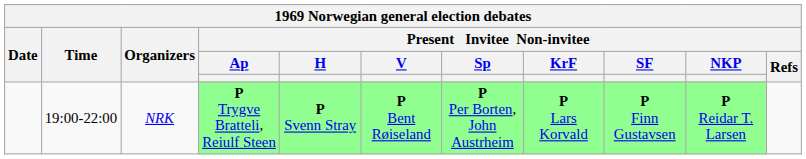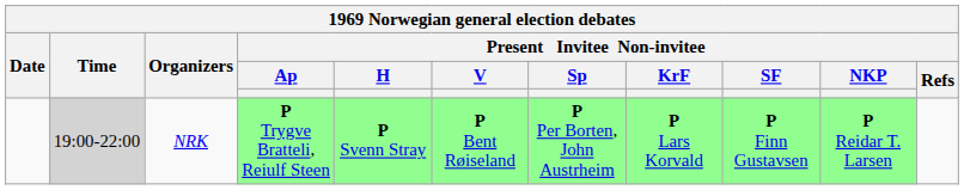 <table class="wikitable" style="font-size:85%; line-height:15px; text-align:center;">
 <tr>
 <th colspan="11">1969 Norwegian general election debates</th>
 </tr>
 <tr>
 <th rowspan="3">Date</th>
 <th rowspan="3">Time</th>
 <th rowspan="3">Organizers</th>
 <th colspan="8"> Present    Invitee  Non-invitee </th>
 </tr>
 <tr>
 <th scope="col" style="width:5em;"><a href='#'>Ap</a></th>
 <th scope="col" style="width:5em;"><a href='#'>H</a></th>
 <th scope="col" style="width:5em;"><a href='#'>V</a></th>
 <th scope="col" style="width:5em;"><a href='#'>Sp</a></th>
 <th scope="col" style="width:5em;"><a href='#'>KrF</a></th>
 <th scope="col" style="width:5em;"><a href='#'>SF</a></th>
 <th scope="col" style="width:5em;"><a href='#'>NKP</a></th>
 <th rowspan="2">Refs</th>
 </tr>
 <tr>
 <th style="background:"></th>
 <th style="background:"></th>
 <th style="background:"></th>
 <th style="background:"></th>
 <th style="background:"></th>
 <th style="background:"></th>
 <th style="background:"></th>
 </tr>
 <tr>
 <td></td>
-<td>19:00-22:00</td>
+<td style="background: lightgrey;">19:00-22:00</td>
 <td><em><a href='#'>NRK</a></em></td>
 <td style="background:#90FF90"><strong>P</strong><br><a href='#'>Trygve Bratteli</a>, <a href='#'>Reiulf Steen</a></td>
 <td style="background:#90FF90"><strong>P</strong><br><a href='#'>Svenn Stray</a></td>
 <td style="background:#90FF90"><strong>P</strong><br><a href='#'>Bent Røiseland</a></td>
 <td style="background:#90FF90"><strong>P</strong><br><a href='#'>Per Borten</a>, <a href='#'>John Austrheim</a></td>
 <td style="background:#90FF90"><strong>P</strong><br><a href='#'>Lars Korvald</a></td>
 <td style="background:#90FF90"><strong>P</strong><br><a href='#'>Finn Gustavsen</a></td>
 <td style="background:#90FF90"><strong>P</strong><br><a href='#'>Reidar T. Larsen</a></td>
 <td></td>
 </tr>
 </table>
